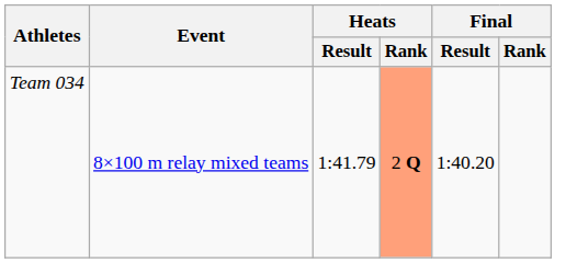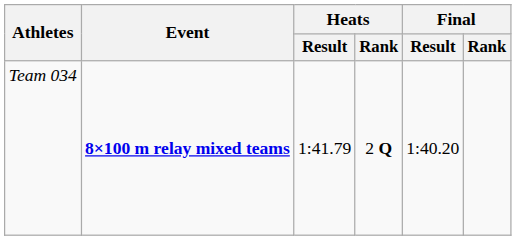 <table class="wikitable" style="font-size:90%">
 <tr>
 <th rowspan=2>Athletes</th>
 <th rowspan=2>Event</th>
 <th colspan=2>Heats</th>
 <th colspan=2>Final</th>
 </tr>
 <tr style="font-size:95%">
 <th>Result</th>
 <th>Rank</th>
 <th>Result</th>
 <th>Rank</th>
 </tr>
 <tr align=center>
 <td align=left><em>Team 034</em> <br>  <br>  <br>  <br>  <br>  <br>  <br>  <br> </td>
-<td align=left><a href='#'>8×100 m relay mixed teams</a></td>
+<td align=left><strong><a href='#'>8×100 m relay mixed teams</a></strong></td>
 <td>1:41.79</td>
-<td style="background: lightsalmon;">2 <strong>Q</strong></td>
+<td>2 <strong>Q</strong></td>
 <td>1:40.20</td>
 <td></td>
 </tr>
 </table>
